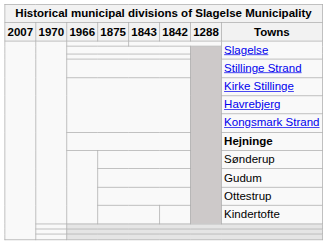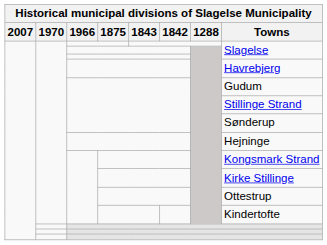 <table class="wikitable" style="margin-left:1em;" style="text-align: center">
 <tr>
 <th colspan="99">Historical municipal divisions of Slagelse Municipality</th>
 </tr>
 <tr>
 <th>2007</th>
 <th>1970</th>
 <th>1966</th>
 <th>1875</th>
 <th>1843</th>
 <th>1842</th>
 <th>1288</th>
 <th>Towns</th>
 </tr>
 <tr>
 <td rowspan="99"></td>
 <td rowspan="12"></td>
 <td colspan="2"></td>
 <td colspan="3"></td>
 <td rowspan="3"><a href='#'>Slagelse</a></td>
 </tr>
 <tr>
 <td colspan="4"></td>
 <td rowspan="11" style="background:#CDC9C9;"></td>
 </tr>
 <tr>
 <td colspan="4"></td>
 </tr>
 <tr>
 <td colspan="4"></td>
+<td><a href='#'>Havrebjerg</a></td>
+</tr>
+<tr>
+<td colspan="4" rowspan="3"></td>
+<td>Gudum</td>
+</tr>
+<tr>
 <td><a href='#'>Stillinge Strand</a></td>
 </tr>
 <tr>
-<td colspan="4" rowspan="3"></td>
-<td><a href='#'>Kirke Stillinge</a></td>
-</tr>
-<tr>
-<td><a href='#'>Havrebjerg</a></td>
-</tr>
-<tr>
-<td><a href='#'>Kongsmark Strand</a></td>
+<td>Sønderup</td>
 </tr>
 <tr>
 <td colspan="4"></td>
-<td><strong>Hejninge</strong></td>
+<td>Hejninge</td>
 </tr>
 <tr>
 <td rowspan="4"></td>
 <td colspan="3"></td>
-<td>Sønderup</td>
+<td><a href='#'>Kongsmark Strand</a></td>
 </tr>
 <tr>
 <td colspan="3"></td>
-<td>Gudum</td>
+<td><a href='#'>Kirke Stillinge</a></td>
 </tr>
 <tr>
 <td colspan="3"></td>
 <td>Ottestrup</td>
 </tr>
 <tr>
 <td colspan="2"></td>
 <td></td>
 <td>Kindertofte</td>
 </tr>
 <tr>
 <td></td>
 <td colspan="7" style="background:#E5E5E5;"></td>
 </tr>
 <tr>
 <td></td>
 <td colspan="7" style="background:#E5E5E5;"></td>
 </tr>
 <tr>
 <td></td>
 <td colspan="7" style="background:#E5E5E5;"></td>
 </tr>
 </table>
